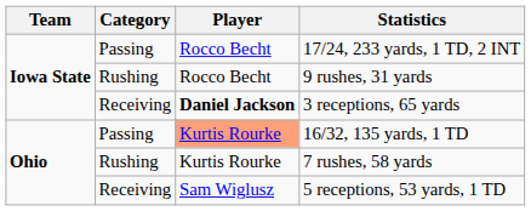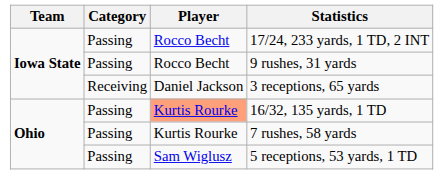 <table class="wikitable" style="float: right;">
 <tr>
 <th>Team</th>
 <th>Category</th>
 <th>Player</th>
 <th>Statistics</th>
 </tr>
 <tr>
 <td rowspan=3><strong>Iowa State</strong></td>
 <td>Passing</td>
 <td><a href='#'>Rocco Becht</a></td>
 <td>17/24, 233 yards, 1 TD, 2 INT</td>
 </tr>
 <tr>
-<td>Rushing</td>
+<td>Passing</td>
 <td>Rocco Becht</td>
 <td>9 rushes, 31 yards</td>
 </tr>
 <tr>
 <td>Receiving</td>
-<td><strong>Daniel Jackson</strong></td>
+<td>Daniel Jackson</td>
 <td>3 receptions, 65 yards</td>
 </tr>
 <tr>
 <td rowspan=3><strong>Ohio</strong></td>
 <td>Passing</td>
 <td style="background: lightsalmon;"><a href='#'>Kurtis Rourke</a></td>
 <td>16/32, 135 yards, 1 TD</td>
 </tr>
 <tr>
-<td>Rushing</td>
+<td>Passing</td>
 <td>Kurtis Rourke</td>
 <td>7 rushes, 58 yards</td>
 </tr>
 <tr>
-<td>Receiving</td>
+<td>Passing</td>
 <td><a href='#'>Sam Wiglusz</a></td>
 <td>5 receptions, 53 yards, 1 TD</td>
 </tr>
 </table>
